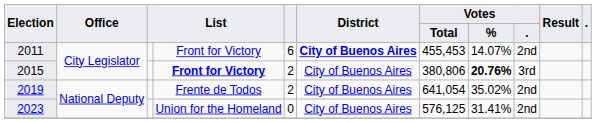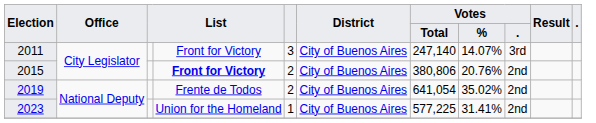 <table class="wikitable" style="font-size:90%; text-align:center;">
 <tr>
 <th style="background-color:#EAECF0;" rowspan=2>Election</th>
 <th style="background-color:#EAECF0;" rowspan=2>Office</th>
 <th style="background-color:#EAECF0;" colspan=2 rowspan=2>List</th>
 <th style="background-color:#EAECF0;" rowspan=2></th>
 <th style="background-color:#EAECF0;" rowspan=2>District</th>
 <th style="background-color:#EAECF0;" colspan=3>Votes</th>
 <th style="background-color:#EAECF0;" rowspan=2>Result</th>
 <th style="background-color:#EAECF0;" rowspan=2>.</th>
 </tr>
 <tr>
 <th style="background-color:#EAECF0;">Total</th>
 <th style="background-color:#EAECF0;">%</th>
 <th style="background-color:#EAECF0;">.</th>
 </tr>
 <tr>
 <td style="background-color:#EAECF0;">2011</td>
 <td rowspan="2"><a href='#'>City Legislator</a></td>
 <td style="background-color:"></td>
 <td><a href='#'>Front for Victory</a></td>
-<td>6</td>
-<td><strong><a href='#'>City of Buenos Aires</a></strong></td>
-<td>455,453</td>
+<td>3</td>
+<td><a href='#'>City of Buenos Aires</a></td>
+<td>247,140</td>
 <td>14.07%</td>
-<td>2nd</td>
+<td>3rd</td>
 <td></td>
 <td></td>
 </tr>
 <tr>
 <td style="background-color:#EAECF0;">2015</td>
 <td style="background-color:"></td>
 <td><strong><a href='#'>Front for Victory</a></strong></td>
 <td>2</td>
 <td><a href='#'>City of Buenos Aires</a></td>
 <td>380,806</td>
-<td><strong>20.76%</strong></td>
-<td>3rd</td>
+<td>20.76%</td>
+<td>2nd</td>
 <td></td>
 <td></td>
 </tr>
 <tr>
 <td style="background-color:#EAECF0;"><a href='#'>2019</a></td>
 <td rowspan="2"><a href='#'>National Deputy</a></td>
 <td style="background-color:"></td>
 <td><a href='#'>Frente de Todos</a></td>
 <td>2</td>
 <td><a href='#'>City of Buenos Aires</a></td>
 <td>641,054</td>
 <td>35.02%</td>
 <td>2nd</td>
 <td></td>
 <td></td>
 </tr>
 <tr>
 <td style="background-color:#EAECF0;"><a href='#'>2023</a></td>
 <td style="background-color:"></td>
 <td><a href='#'>Union for the Homeland</a></td>
-<td>0</td>
+<td>1</td>
 <td><a href='#'>City of Buenos Aires</a></td>
-<td>576,125</td>
+<td>577,225</td>
 <td>31.41%</td>
 <td>2nd</td>
 <td></td>
 <td></td>
 </tr>
 <tr>
 </tr>
 </table>
